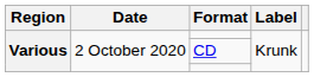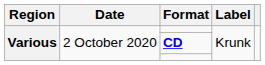 <table class="wikitable plainrowheaders">
 <tr>
 <th scope="col">Region</th>
 <th scope="col">Date</th>
 <th scope="col">Format</th>
 <th scope="col">Label</th>
 <th scope="col"></th>
 </tr>
 <tr>
 <th scope="row" rowspan="3">Various</th>
 <td rowspan="3">2 October 2020</td>
 <td></td>
 <td rowspan="3">Krunk</td>
 <td rowspan="3"></td>
 </tr>
 <tr>
-<td><a href='#'>CD</a></td>
+<td><strong><a href='#'>CD</a></strong></td>
 </tr>
 <tr>
 <td></td>
 </tr>
 </table>
